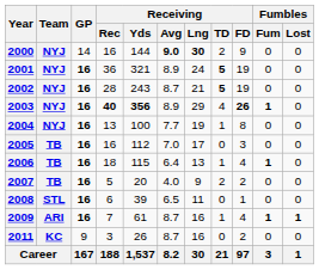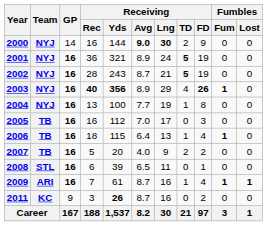 <table class="wikitable" style="text-align:center;">
 <tr>
 <th rowspan="2">Year</th>
 <th rowspan="2">Team</th>
 <th rowspan="2">GP</th>
 <th colspan="6">Receiving</th>
 <th colspan="2">Fumbles</th>
 </tr>
 <tr>
 <th>Rec</th>
 <th>Yds</th>
 <th>Avg</th>
 <th>Lng</th>
 <th>TD</th>
 <th>FD</th>
 <th>Fum</th>
 <th>Lost</th>
 </tr>
 <tr>
 <th><a href='#'>2000</a></th>
 <th><a href='#'>NYJ</a></th>
 <td>14</td>
 <td>16</td>
 <td>144</td>
 <td><strong>9.0</strong></td>
 <td><strong>30</strong></td>
 <td>2</td>
 <td>9</td>
 <td>0</td>
 <td>0</td>
 </tr>
 <tr>
 <th><a href='#'>2001</a></th>
 <th><a href='#'>NYJ</a></th>
 <td><strong>16</strong></td>
 <td>36</td>
 <td>321</td>
 <td>8.9</td>
 <td>24</td>
 <td><strong>5</strong></td>
 <td>19</td>
 <td>0</td>
 <td>0</td>
 </tr>
 <tr>
 <th><a href='#'>2002</a></th>
 <th><a href='#'>NYJ</a></th>
 <td><strong>16</strong></td>
 <td>28</td>
 <td>243</td>
 <td>8.7</td>
 <td>21</td>
 <td><strong>5</strong></td>
 <td>19</td>
 <td>0</td>
 <td>0</td>
 </tr>
 <tr>
 <th><a href='#'>2003</a></th>
 <th><a href='#'>NYJ</a></th>
 <td><strong>16</strong></td>
 <td><strong>40</strong></td>
 <td><strong>356</strong></td>
 <td>8.9</td>
 <td>29</td>
 <td>4</td>
 <td><strong>26</strong></td>
 <td><strong>1</strong></td>
 <td>0</td>
 </tr>
 <tr>
 <th><a href='#'>2004</a></th>
 <th><a href='#'>NYJ</a></th>
 <td><strong>16</strong></td>
 <td>13</td>
 <td>100</td>
 <td>7.7</td>
 <td>19</td>
 <td>1</td>
 <td>8</td>
 <td>0</td>
 <td>0</td>
 </tr>
 <tr>
 <th><a href='#'>2005</a></th>
 <th><a href='#'>TB</a></th>
 <td><strong>16</strong></td>
 <td>16</td>
 <td>112</td>
 <td>7.0</td>
 <td>17</td>
 <td>0</td>
 <td>3</td>
 <td>0</td>
 <td>0</td>
 </tr>
 <tr>
 <th><a href='#'>2006</a></th>
 <th><a href='#'>TB</a></th>
 <td><strong>16</strong></td>
 <td>18</td>
 <td>115</td>
 <td>6.4</td>
 <td>13</td>
 <td>1</td>
 <td>4</td>
 <td><strong>1</strong></td>
 <td>0</td>
 </tr>
 <tr>
 <th><a href='#'>2007</a></th>
 <th><a href='#'>TB</a></th>
 <td><strong>16</strong></td>
 <td>5</td>
 <td>20</td>
 <td>4.0</td>
 <td>9</td>
 <td>2</td>
 <td>2</td>
 <td>0</td>
 <td>0</td>
 </tr>
 <tr>
 <th><a href='#'>2008</a></th>
 <th><a href='#'>STL</a></th>
 <td><strong>16</strong></td>
 <td>6</td>
 <td>39</td>
 <td>6.5</td>
 <td>11</td>
 <td>0</td>
 <td>1</td>
 <td>0</td>
 <td>0</td>
 </tr>
 <tr>
 <th><a href='#'>2009</a></th>
 <th><a href='#'>ARI</a></th>
 <td><strong>16</strong></td>
 <td>7</td>
 <td>61</td>
 <td>8.7</td>
 <td>16</td>
 <td>1</td>
 <td>4</td>
 <td><strong>1</strong></td>
 <td><strong>1</strong></td>
 </tr>
 <tr>
 <th><a href='#'>2011</a></th>
 <th><a href='#'>KC</a></th>
 <td>9</td>
 <td>3</td>
-<td>26</td>
+<td><strong>26</strong></td>
 <td>8.7</td>
 <td>16</td>
 <td>0</td>
 <td>2</td>
 <td>0</td>
 <td>0</td>
 </tr>
 <tr>
 <th colspan="2">Career</th>
 <th>167</th>
 <th>188</th>
 <th>1,537</th>
 <th>8.2</th>
 <th>30</th>
 <th>21</th>
 <th>97</th>
 <th>3</th>
 <th>1</th>
 </tr>
 </table>
